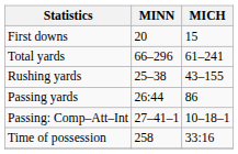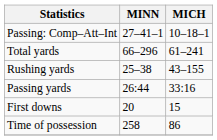 <table class="wikitable" style="float: left;">
 <tr>
 <th>Statistics</th>
 <th>MINN</th>
 <th>MICH</th>
 </tr>
 <tr>
-<td>First downs</td>
-<td>20</td>
-<td>15</td>
+<td>Passing: Comp–Att–Int</td>
+<td>27–41–1</td>
+<td>10–18–1</td>
 </tr>
 <tr>
 <td>Total yards</td>
 <td>66–296</td>
 <td>61–241</td>
 </tr>
 <tr>
 <td>Rushing yards</td>
 <td>25–38</td>
 <td>43–155</td>
 </tr>
 <tr>
 <td>Passing yards</td>
 <td>26:44</td>
-<td>86</td>
+<td>33:16</td>
 </tr>
 <tr>
-<td>Passing: Comp–Att–Int</td>
-<td>27–41–1</td>
-<td>10–18–1</td>
+<td>First downs</td>
+<td>20</td>
+<td>15</td>
 </tr>
 <tr>
 <td>Time of possession</td>
 <td>258</td>
-<td>33:16</td>
+<td>86</td>
 </tr>
 <tr>
 </tr>
 </table>
